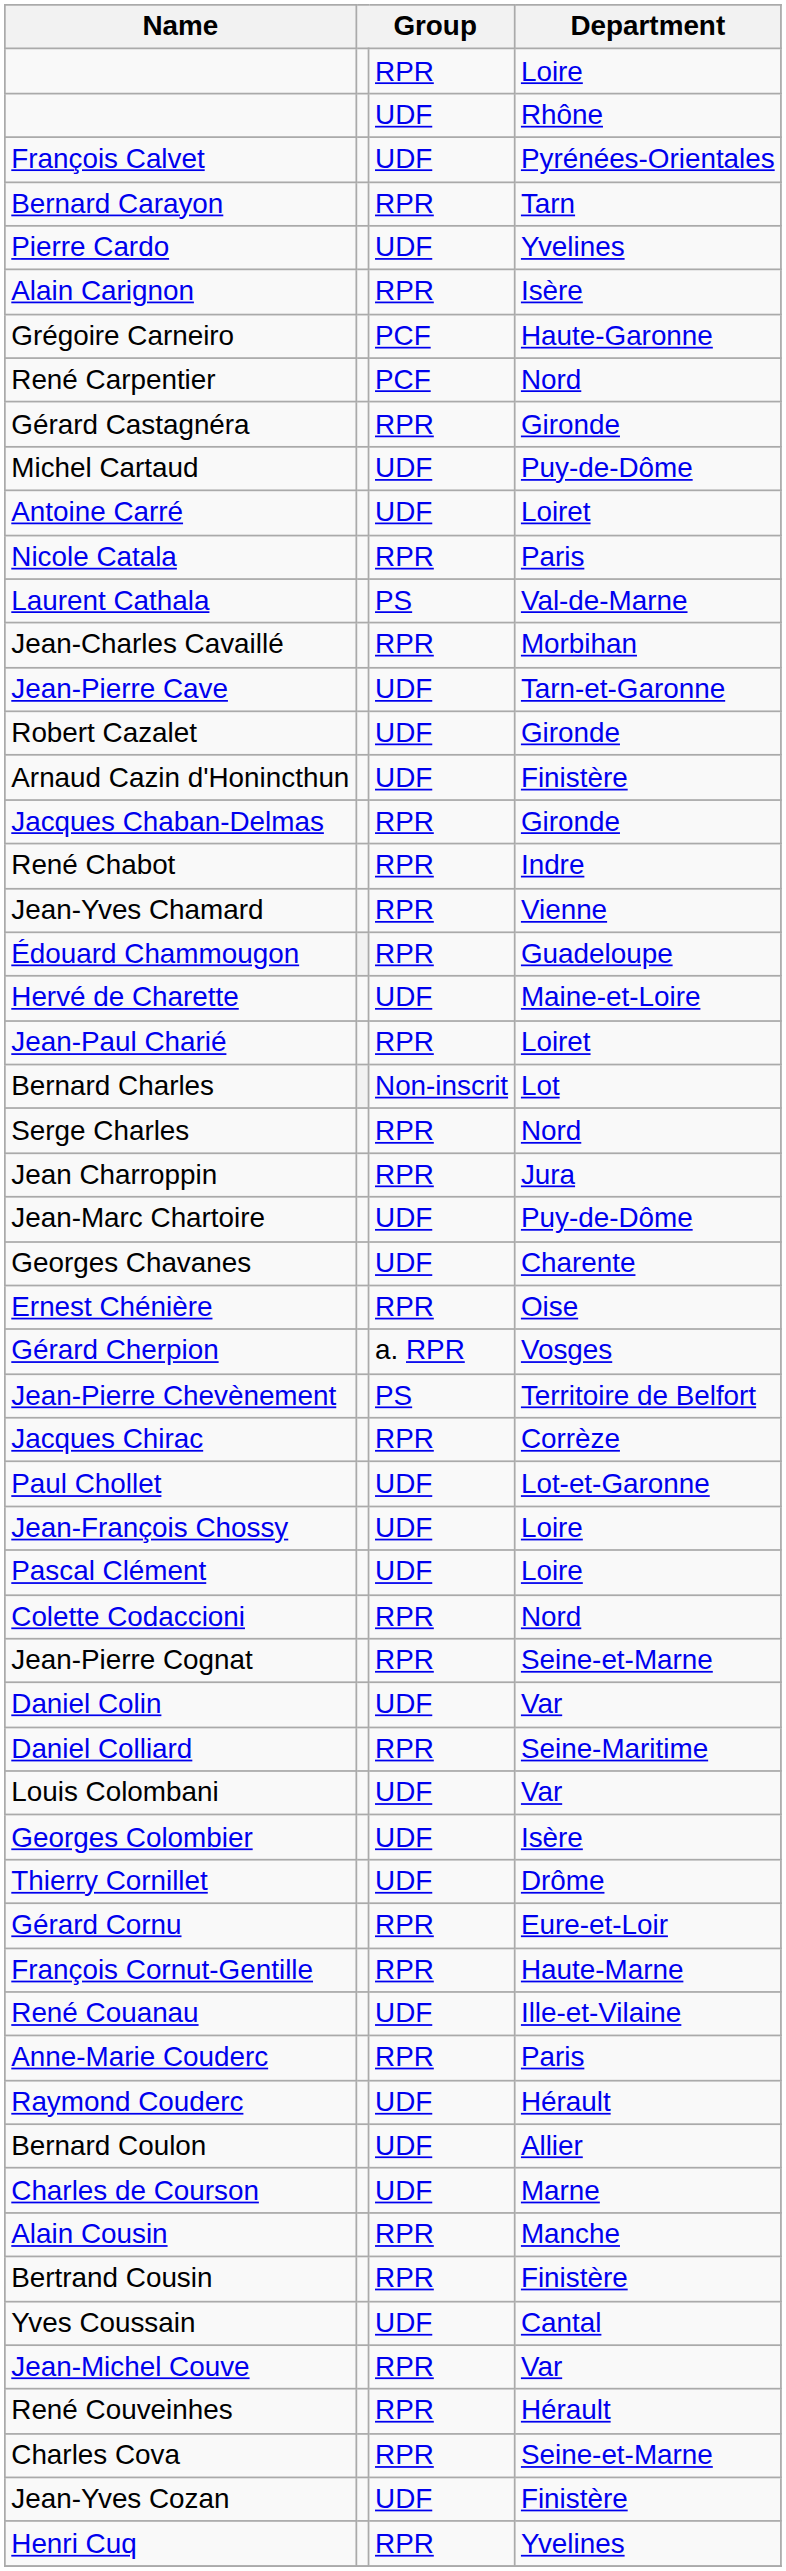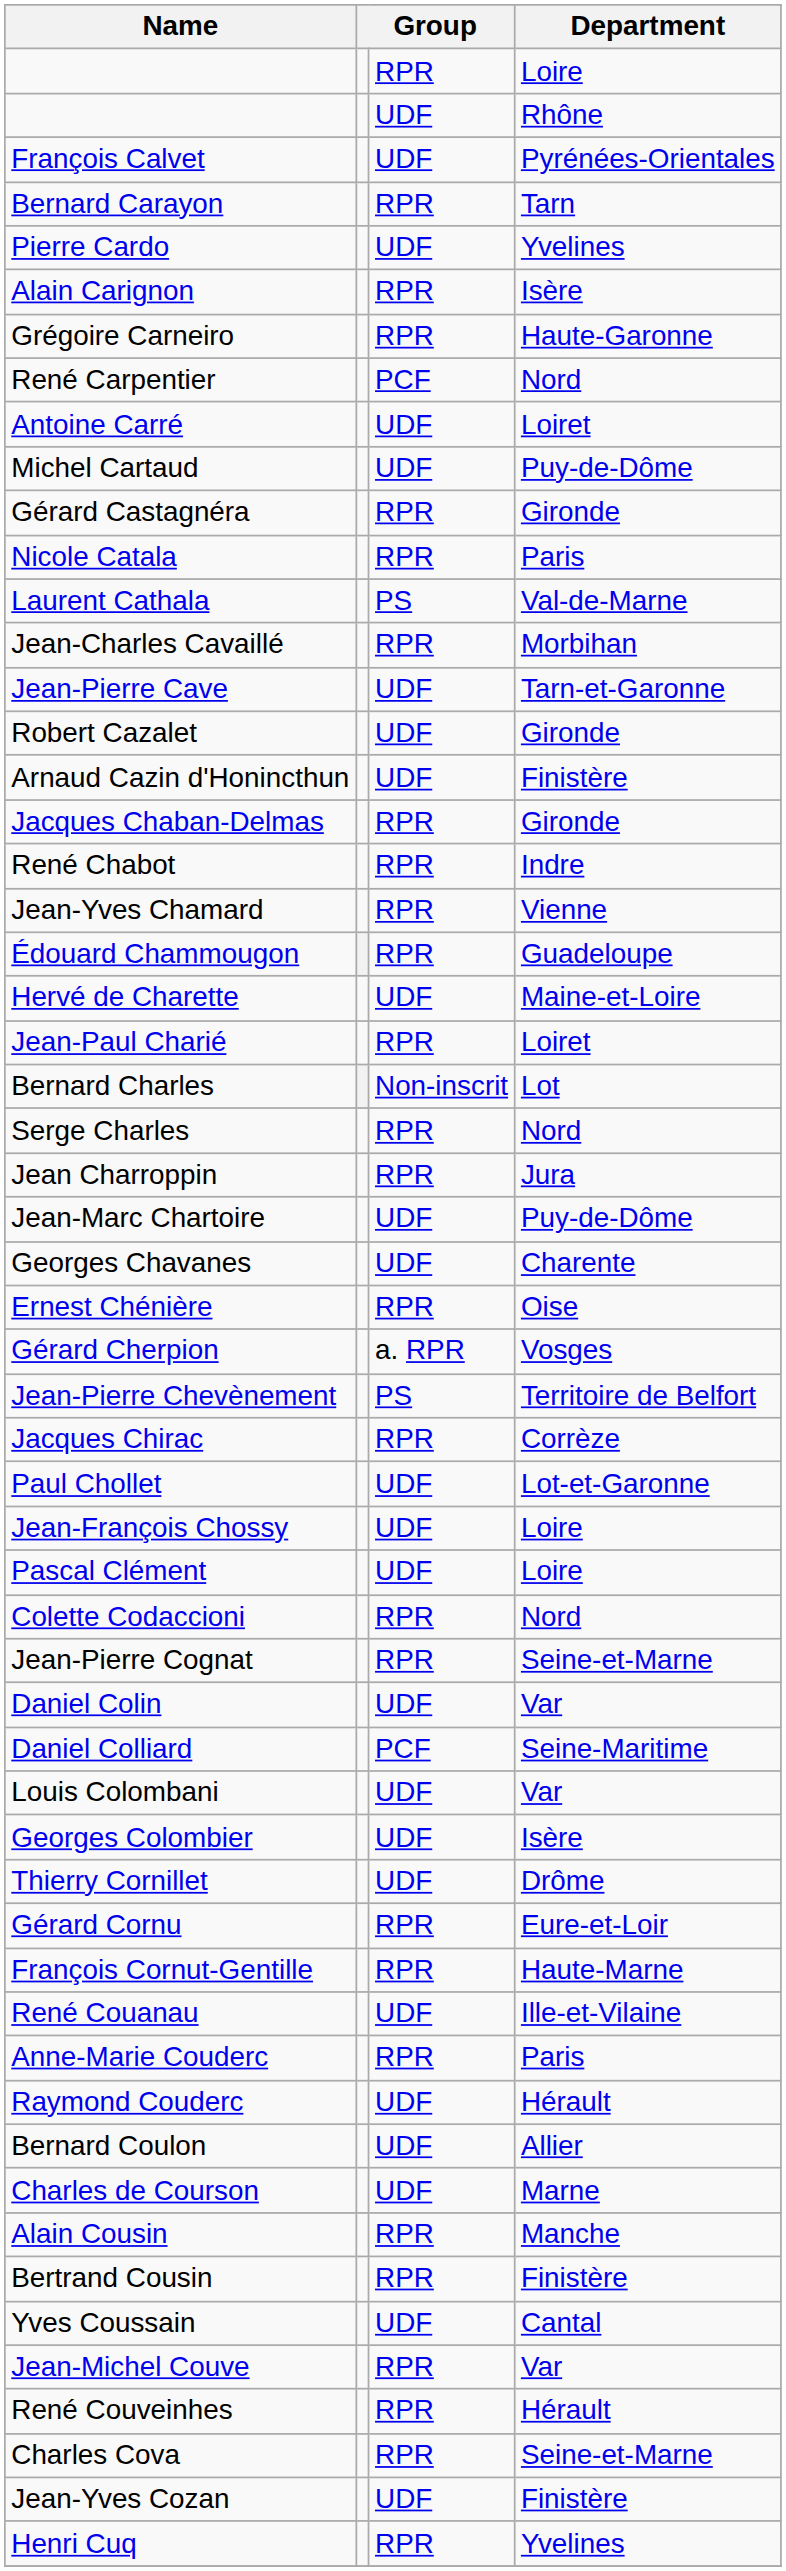 <table class="wikitable alternance">
 <tr>
 <th>Name</th>
 <th colspan="2">Group</th>
 <th>Department</th>
 </tr>
 <tr>
 <td></td>
 <td style="background-color: "></td>
 <td><a href='#'>RPR</a></td>
 <td><a href='#'>Loire</a></td>
 </tr>
 <tr>
 <td></td>
 <td style="background-color: "></td>
 <td><a href='#'>UDF</a></td>
 <td><a href='#'>Rhône</a></td>
 </tr>
 <tr>
 <td><a href='#'>François Calvet</a></td>
 <td style="background-color: "></td>
 <td><a href='#'>UDF</a></td>
 <td><a href='#'>Pyrénées-Orientales</a></td>
 </tr>
 <tr>
 <td><a href='#'>Bernard Carayon</a></td>
 <td style="background-color: "></td>
 <td><a href='#'>RPR</a></td>
 <td><a href='#'>Tarn</a></td>
 </tr>
 <tr>
 <td><a href='#'>Pierre Cardo</a></td>
 <td style="background-color: "></td>
 <td><a href='#'>UDF</a></td>
 <td><a href='#'>Yvelines</a></td>
 </tr>
 <tr>
 <td><a href='#'>Alain Carignon</a></td>
 <td style="background-color: "></td>
 <td><a href='#'>RPR</a></td>
 <td><a href='#'>Isère</a></td>
 </tr>
 <tr>
 <td>Grégoire Carneiro</td>
 <td style="background-color: "></td>
-<td><a href='#'>PCF</a></td>
+<td><a href='#'>RPR</a></td>
 <td><a href='#'>Haute-Garonne</a></td>
 </tr>
 <tr>
 <td>René Carpentier</td>
 <td style="background-color: "></td>
 <td><a href='#'>PCF</a></td>
 <td><a href='#'>Nord</a></td>
 </tr>
 <tr>
-<td>Gérard Castagnéra</td>
+<td><a href='#'>Antoine Carré</a></td>
 <td style="background-color: "></td>
-<td><a href='#'>RPR</a></td>
-<td><a href='#'>Gironde</a></td>
+<td><a href='#'>UDF</a></td>
+<td><a href='#'>Loiret</a></td>
 </tr>
 <tr>
 <td>Michel Cartaud</td>
 <td style="background-color: "></td>
 <td><a href='#'>UDF</a></td>
 <td><a href='#'>Puy-de-Dôme</a></td>
 </tr>
 <tr>
-<td><a href='#'>Antoine Carré</a></td>
+<td>Gérard Castagnéra</td>
 <td style="background-color: "></td>
-<td><a href='#'>UDF</a></td>
-<td><a href='#'>Loiret</a></td>
+<td><a href='#'>RPR</a></td>
+<td><a href='#'>Gironde</a></td>
 </tr>
 <tr>
 <td><a href='#'>Nicole Catala</a></td>
 <td style="background-color: "></td>
 <td><a href='#'>RPR</a></td>
 <td><a href='#'>Paris</a></td>
 </tr>
 <tr>
 <td><a href='#'>Laurent Cathala</a></td>
 <td style="background-color: "></td>
 <td><a href='#'>PS</a></td>
 <td><a href='#'>Val-de-Marne</a></td>
 </tr>
 <tr>
 <td>Jean-Charles Cavaillé</td>
 <td style="background-color: "></td>
 <td><a href='#'>RPR</a></td>
 <td><a href='#'>Morbihan</a></td>
 </tr>
 <tr>
 <td><a href='#'>Jean-Pierre Cave</a></td>
 <td style="background-color: "></td>
 <td><a href='#'>UDF</a></td>
 <td><a href='#'>Tarn-et-Garonne</a></td>
 </tr>
 <tr>
 <td>Robert Cazalet</td>
 <td style="background-color: "></td>
 <td><a href='#'>UDF</a></td>
 <td><a href='#'>Gironde</a></td>
 </tr>
 <tr>
 <td>Arnaud Cazin d'Honincthun</td>
 <td style="background-color: "></td>
 <td><a href='#'>UDF</a></td>
 <td><a href='#'>Finistère</a></td>
 </tr>
 <tr>
 <td><a href='#'>Jacques Chaban-Delmas</a></td>
 <td style="background-color: "></td>
 <td><a href='#'>RPR</a></td>
 <td><a href='#'>Gironde</a></td>
 </tr>
 <tr>
 <td>René Chabot</td>
 <td style="background-color: "></td>
 <td><a href='#'>RPR</a></td>
 <td><a href='#'>Indre</a></td>
 </tr>
 <tr>
 <td>Jean-Yves Chamard</td>
 <td style="background-color: "></td>
 <td><a href='#'>RPR</a></td>
 <td><a href='#'>Vienne</a></td>
 </tr>
 <tr>
 <td><a href='#'>Édouard Chammougon</a></td>
 <th></th>
 <td><a href='#'>RPR</a></td>
 <td><a href='#'>Guadeloupe</a></td>
 </tr>
 <tr>
 <td><a href='#'>Hervé de Charette</a></td>
 <td style="background-color: "></td>
 <td><a href='#'>UDF</a></td>
 <td><a href='#'>Maine-et-Loire</a></td>
 </tr>
 <tr>
 <td><a href='#'>Jean-Paul Charié</a></td>
 <td style="background-color: "></td>
 <td><a href='#'>RPR</a></td>
 <td><a href='#'>Loiret</a></td>
 </tr>
 <tr>
 <td>Bernard Charles</td>
 <th></th>
 <td><a href='#'>Non-inscrit</a></td>
 <td><a href='#'>Lot</a></td>
 </tr>
 <tr>
 <td>Serge Charles</td>
 <td style="background-color: "></td>
 <td><a href='#'>RPR</a></td>
 <td><a href='#'>Nord</a></td>
 </tr>
 <tr>
 <td>Jean Charroppin</td>
 <td style="background-color: "></td>
 <td><a href='#'>RPR</a></td>
 <td><a href='#'>Jura</a></td>
 </tr>
 <tr>
 <td>Jean-Marc Chartoire</td>
 <td style="background-color: "></td>
 <td><a href='#'>UDF</a></td>
 <td><a href='#'>Puy-de-Dôme</a></td>
 </tr>
 <tr>
 <td>Georges Chavanes</td>
 <td style="background-color: "></td>
 <td><a href='#'>UDF</a></td>
 <td><a href='#'>Charente</a></td>
 </tr>
 <tr>
 <td><a href='#'>Ernest Chénière</a></td>
 <td style="background-color: "></td>
 <td><a href='#'>RPR</a></td>
 <td><a href='#'>Oise</a></td>
 </tr>
 <tr>
 <td><a href='#'>Gérard Cherpion</a></td>
 <td style="background-color: "></td>
 <td>a. <a href='#'>RPR</a></td>
 <td><a href='#'>Vosges</a></td>
 </tr>
 <tr>
 <td><a href='#'>Jean-Pierre Chevènement</a></td>
 <td style="background-color: "></td>
 <td><a href='#'>PS</a></td>
 <td><a href='#'>Territoire de Belfort</a></td>
 </tr>
 <tr>
 <td><a href='#'>Jacques Chirac</a></td>
 <td style="background-color: "></td>
 <td><a href='#'>RPR</a></td>
 <td><a href='#'>Corrèze</a></td>
 </tr>
 <tr>
 <td><a href='#'>Paul Chollet</a></td>
 <td style="background-color: "></td>
 <td><a href='#'>UDF</a></td>
 <td><a href='#'>Lot-et-Garonne</a></td>
 </tr>
 <tr>
 <td><a href='#'>Jean-François Chossy</a></td>
 <td style="background-color: "></td>
 <td><a href='#'>UDF</a></td>
 <td><a href='#'>Loire</a></td>
 </tr>
 <tr>
 <td><a href='#'>Pascal Clément</a></td>
 <td style="background-color: "></td>
 <td><a href='#'>UDF</a></td>
 <td><a href='#'>Loire</a></td>
 </tr>
 <tr>
 <td><a href='#'>Colette Codaccioni</a></td>
 <td style="background-color: "></td>
 <td><a href='#'>RPR</a></td>
 <td><a href='#'>Nord</a></td>
 </tr>
 <tr>
 <td>Jean-Pierre Cognat</td>
 <td style="background-color: "></td>
 <td><a href='#'>RPR</a></td>
 <td><a href='#'>Seine-et-Marne</a></td>
 </tr>
 <tr>
 <td><a href='#'>Daniel Colin</a></td>
 <td style="background-color: "></td>
 <td><a href='#'>UDF</a></td>
 <td><a href='#'>Var</a></td>
 </tr>
 <tr>
 <td><a href='#'>Daniel Colliard</a></td>
 <td style="background-color: "></td>
-<td><a href='#'>RPR</a></td>
+<td><a href='#'>PCF</a></td>
 <td><a href='#'>Seine-Maritime</a></td>
 </tr>
 <tr>
 <td>Louis Colombani</td>
 <td style="background-color: "></td>
 <td><a href='#'>UDF</a></td>
 <td><a href='#'>Var</a></td>
 </tr>
 <tr>
 <td><a href='#'>Georges Colombier</a></td>
 <td style="background-color: "></td>
 <td><a href='#'>UDF</a></td>
 <td><a href='#'>Isère</a></td>
 </tr>
 <tr>
 <td><a href='#'>Thierry Cornillet</a></td>
 <td style="background-color: "></td>
 <td><a href='#'>UDF</a></td>
 <td><a href='#'>Drôme</a></td>
 </tr>
 <tr>
 <td><a href='#'>Gérard Cornu</a></td>
 <td style="background-color: "></td>
 <td><a href='#'>RPR</a></td>
 <td><a href='#'>Eure-et-Loir</a></td>
 </tr>
 <tr>
 <td><a href='#'>François Cornut-Gentille</a></td>
 <td style="background-color: "></td>
 <td><a href='#'>RPR</a></td>
 <td><a href='#'>Haute-Marne</a></td>
 </tr>
 <tr>
 <td><a href='#'>René Couanau</a></td>
 <td style="background-color: "></td>
 <td><a href='#'>UDF</a></td>
 <td><a href='#'>Ille-et-Vilaine</a></td>
 </tr>
 <tr>
 <td><a href='#'>Anne-Marie Couderc</a></td>
 <td style="background-color: "></td>
 <td><a href='#'>RPR</a></td>
 <td><a href='#'>Paris</a></td>
 </tr>
 <tr>
 <td><a href='#'>Raymond Couderc</a></td>
 <td style="background-color: "></td>
 <td><a href='#'>UDF</a></td>
 <td><a href='#'>Hérault</a></td>
 </tr>
 <tr>
 <td>Bernard Coulon</td>
 <td style="background-color: "></td>
 <td><a href='#'>UDF</a></td>
 <td><a href='#'>Allier</a></td>
 </tr>
 <tr>
 <td><a href='#'>Charles de Courson</a></td>
 <td style="background-color: "></td>
 <td><a href='#'>UDF</a></td>
 <td><a href='#'>Marne</a></td>
 </tr>
 <tr>
 <td><a href='#'>Alain Cousin</a></td>
 <td style="background-color: "></td>
 <td><a href='#'>RPR</a></td>
 <td><a href='#'>Manche</a></td>
 </tr>
 <tr>
 <td>Bertrand Cousin</td>
 <td style="background-color: "></td>
 <td><a href='#'>RPR</a></td>
 <td><a href='#'>Finistère</a></td>
 </tr>
 <tr>
 <td>Yves Coussain</td>
 <td style="background-color: "></td>
 <td><a href='#'>UDF</a></td>
 <td><a href='#'>Cantal</a></td>
 </tr>
 <tr>
 <td><a href='#'>Jean-Michel Couve</a></td>
 <td style="background-color: "></td>
 <td><a href='#'>RPR</a></td>
 <td><a href='#'>Var</a></td>
 </tr>
 <tr>
 <td>René Couveinhes</td>
 <td style="background-color: "></td>
 <td><a href='#'>RPR</a></td>
 <td><a href='#'>Hérault</a></td>
 </tr>
 <tr>
 <td>Charles Cova</td>
 <td style="background-color: "></td>
 <td><a href='#'>RPR</a></td>
 <td><a href='#'>Seine-et-Marne</a></td>
 </tr>
 <tr>
 <td>Jean-Yves Cozan</td>
 <td style="background-color: "></td>
 <td><a href='#'>UDF</a></td>
 <td><a href='#'>Finistère</a></td>
 </tr>
 <tr>
 <td><a href='#'>Henri Cuq</a></td>
 <td style="background-color: "></td>
 <td><a href='#'>RPR</a></td>
 <td><a href='#'>Yvelines</a></td>
 </tr>
 <tr>
 </tr>
 </table>
